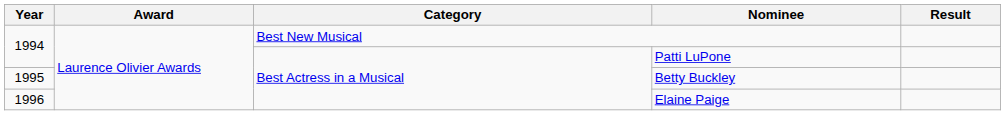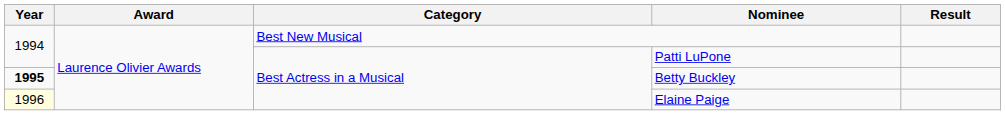 <table class="wikitable" style="width:95%;">
 <tr>
 <th style="width:5%;">Year</th>
 <th style="width:20%;">Award</th>
 <th style="width:40%;">Category</th>
 <th style="width:25%;">Nominee</th>
 <th style="width:10%;">Result</th>
 </tr>
 <tr>
 <td rowspan="2" style="text-align:center;">1994</td>
 <td rowspan="4"><a href='#'>Laurence Olivier Awards</a></td>
 <td colspan="2"><a href='#'>Best New Musical</a></td>
 <td></td>
 </tr>
 <tr>
 <td rowspan="3"><a href='#'>Best Actress in a Musical</a></td>
 <td><a href='#'>Patti LuPone</a></td>
 <td></td>
 </tr>
 <tr>
-<td style="text-align:center;">1995</td>
+<td style="text-align:center;"><strong>1995</strong></td>
 <td><a href='#'>Betty Buckley</a></td>
 <td></td>
 </tr>
 <tr>
-<td style="text-align:center;">1996</td>
+<td style="background: lightyellow; text-align:center;">1996</td>
 <td><a href='#'>Elaine Paige</a></td>
 <td></td>
 </tr>
 </table>
